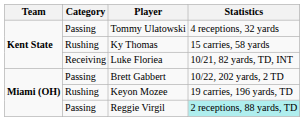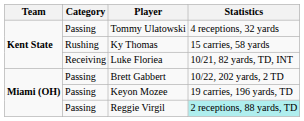 <table class="wikitable" style="float: right;">
 <tr>
 <th>Team</th>
 <th>Category</th>
 <th>Player</th>
 <th>Statistics</th>
 </tr>
 <tr>
 <td rowspan=3><strong>Kent State</strong></td>
 <td>Passing</td>
 <td>Tommy Ulatowski</td>
 <td>4 receptions, 32 yards</td>
 </tr>
 <tr>
 <td>Rushing</td>
 <td>Ky Thomas</td>
 <td>15 carries, 58 yards</td>
 </tr>
 <tr>
 <td>Receiving</td>
 <td>Luke Floriea</td>
 <td>10/21, 82 yards, TD, INT</td>
 </tr>
 <tr>
 <td rowspan=3><strong>Miami (OH)</strong></td>
 <td>Passing</td>
 <td>Brett Gabbert</td>
 <td>10/22, 202 yards, 2 TD</td>
 </tr>
 <tr>
-<td>Rushing</td>
+<td>Passing</td>
 <td>Keyon Mozee</td>
 <td>19 carries, 196 yards, TD</td>
 </tr>
 <tr>
 <td>Passing</td>
 <td>Reggie Virgil</td>
 <td style="background: paleturquoise;">2 receptions, 88 yards, TD</td>
 </tr>
 </table>
